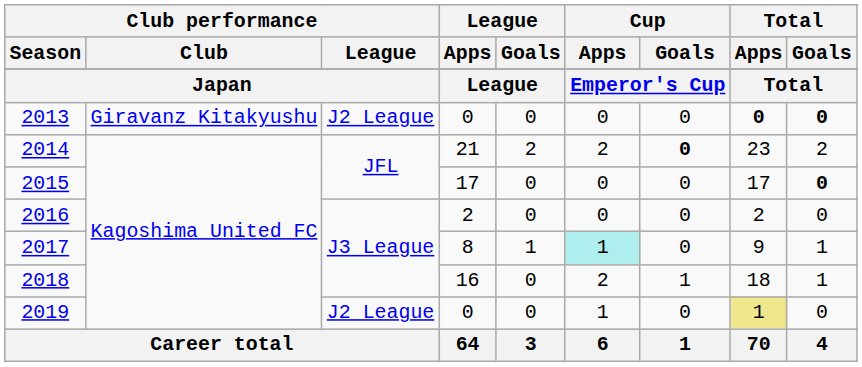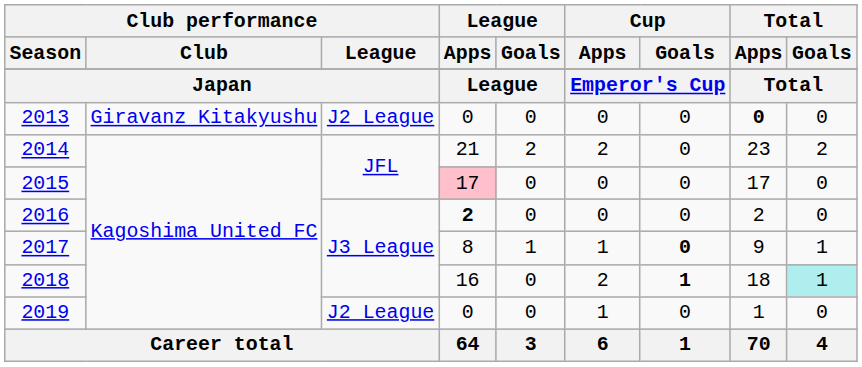 <table class="wikitable" style="text-align:center">
 <tr>
 <th colspan=3>Club performance</th>
 <th colspan=2>League</th>
 <th colspan=2>Cup</th>
 <th colspan=2>Total</th>
 </tr>
 <tr>
 <th>Season</th>
 <th>Club</th>
 <th>League</th>
 <th>Apps</th>
 <th>Goals</th>
 <th>Apps</th>
 <th>Goals</th>
 <th>Apps</th>
 <th>Goals</th>
 </tr>
 <tr>
 </tr>
 <tr>
 <th colspan=3>Japan</th>
 <th colspan=2>League</th>
 <th colspan=2><a href='#'>Emperor's Cup</a></th>
 <th colspan=2>Total</th>
 </tr>
 <tr>
 <td><a href='#'>2013</a></td>
 <td><a href='#'>Giravanz Kitakyushu</a></td>
 <td><a href='#'>J2 League</a></td>
 <td>0</td>
 <td>0</td>
 <td>0</td>
 <td>0</td>
 <td><strong>0</strong></td>
-<td><strong>0</strong></td>
+<td>0</td>
 </tr>
 <tr>
 <td><a href='#'>2014</a></td>
 <td rowspan="6"><a href='#'>Kagoshima United FC</a></td>
 <td rowspan="2"><a href='#'>JFL</a></td>
 <td>21</td>
 <td>2</td>
 <td>2</td>
-<td><strong>0</strong></td>
+<td>0</td>
 <td>23</td>
 <td>2</td>
 </tr>
 <tr>
 <td><a href='#'>2015</a></td>
-<td>17</td>
+<td style="background: pink;">17</td>
 <td>0</td>
 <td>0</td>
 <td>0</td>
 <td>17</td>
-<td><strong>0</strong></td>
+<td>0</td>
 </tr>
 <tr>
 <td><a href='#'>2016</a></td>
 <td rowspan="3"><a href='#'>J3 League</a></td>
-<td>2</td>
+<td><strong>2</strong></td>
 <td>0</td>
 <td>0</td>
 <td>0</td>
 <td>2</td>
 <td>0</td>
 </tr>
 <tr>
 <td><a href='#'>2017</a></td>
 <td>8</td>
 <td>1</td>
-<td style="background: paleturquoise;">1</td>
-<td>0</td>
+<td>1</td>
+<td><strong>0</strong></td>
 <td>9</td>
 <td>1</td>
 </tr>
 <tr>
 <td><a href='#'>2018</a></td>
 <td>16</td>
 <td>0</td>
 <td>2</td>
-<td>1</td>
+<td><strong>1</strong></td>
 <td>18</td>
-<td>1</td>
+<td style="background: paleturquoise;">1</td>
 </tr>
 <tr>
 <td><a href='#'>2019</a></td>
 <td><a href='#'>J2 League</a></td>
 <td>0</td>
 <td>0</td>
 <td>1</td>
 <td>0</td>
-<td style="background: khaki;">1</td>
+<td>1</td>
 <td>0</td>
 </tr>
 <tr>
 <th colspan=3>Career total</th>
 <th>64</th>
 <th>3</th>
 <th>6</th>
 <th>1</th>
 <th>70</th>
 <th>4</th>
 </tr>
 </table>
